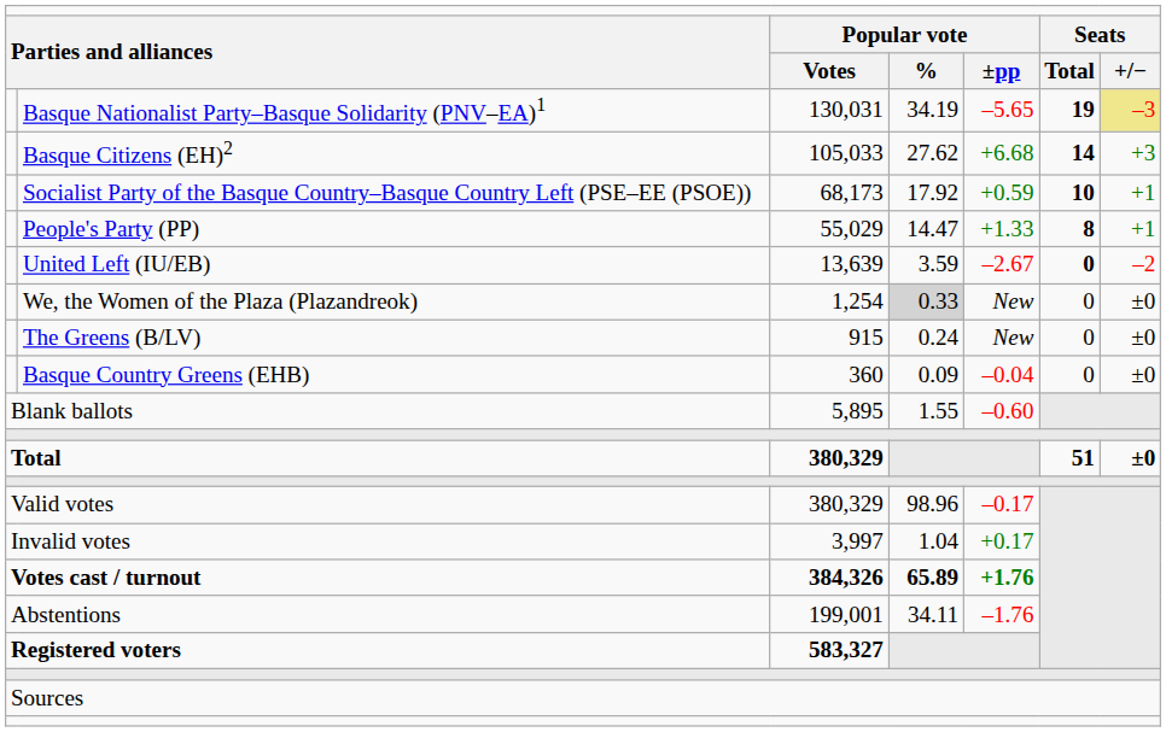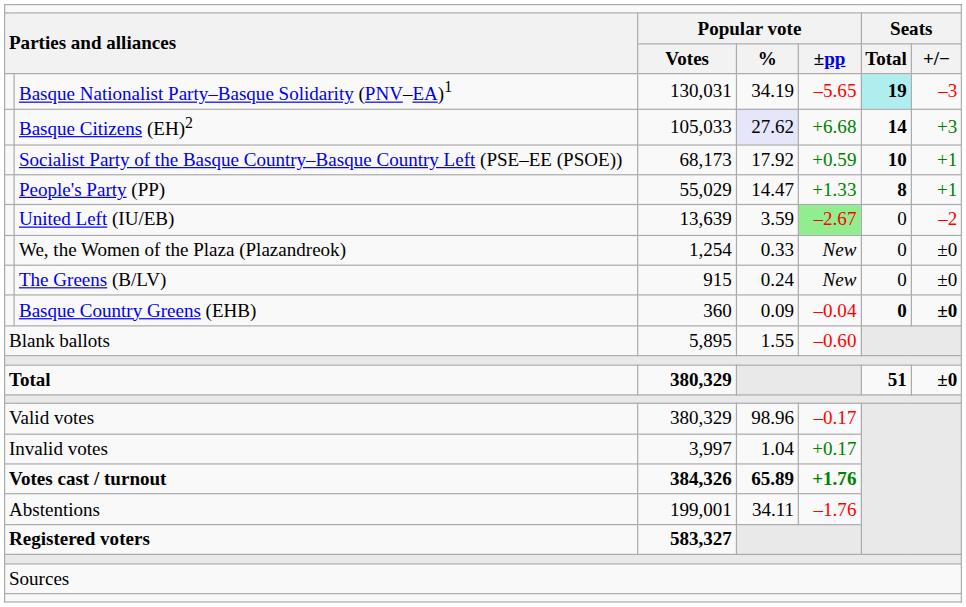 <table class="wikitable" style="text-align:right;">
 <tr>
 <td colspan="7"></td>
 </tr>
 <tr>
 <th style="text-align:left;" rowspan="2" colspan="2" width="525">Parties and alliances</th>
 <th colspan="3">Popular vote</th>
 <th colspan="2">Seats</th>
 </tr>
 <tr>
 <th width="75">Votes</th>
 <th width="45">%</th>
 <th width="45">±<a href='#'>pp</a></th>
 <th width="35">Total</th>
 <th width="35">+/−</th>
 </tr>
 <tr>
 <td width="1" style="color:inherit;background:"></td>
 <td align="left"><a href='#'>Basque Nationalist Party–Basque Solidarity</a> (<a href='#'>PNV</a>–<a href='#'>EA</a>)<sup>1</sup></td>
 <td>130,031</td>
 <td>34.19</td>
 <td style="color:red;">–5.65</td>
-<td><strong>19</strong></td>
-<td style="background: khaki; color:red;">–3</td>
+<td style="background: paleturquoise;"><strong>19</strong></td>
+<td style="color:red;">–3</td>
 </tr>
 <tr>
 <td style="color:inherit;background:"></td>
 <td align="left"><a href='#'>Basque Citizens</a> (EH)<sup>2</sup></td>
 <td>105,033</td>
-<td>27.62</td>
+<td style="background: lavender;">27.62</td>
 <td style="color:green;">+6.68</td>
 <td><strong>14</strong></td>
 <td style="color:green;">+3</td>
 </tr>
 <tr>
 <td style="color:inherit;background:"></td>
 <td align="left"><a href='#'>Socialist Party of the Basque Country–Basque Country Left</a> (PSE–EE (PSOE))</td>
 <td>68,173</td>
 <td>17.92</td>
 <td style="color:green;">+0.59</td>
 <td><strong>10</strong></td>
 <td style="color:green;">+1</td>
 </tr>
 <tr>
 <td style="color:inherit;background:"></td>
 <td align="left"><a href='#'>People's Party</a> (PP)</td>
 <td>55,029</td>
 <td>14.47</td>
 <td style="color:green;">+1.33</td>
 <td><strong>8</strong></td>
 <td style="color:green;">+1</td>
 </tr>
 <tr>
 <td style="color:inherit;background:"></td>
 <td align="left"><a href='#'>United Left</a> (IU/EB)</td>
 <td>13,639</td>
 <td>3.59</td>
-<td style="color:red;">–2.67</td>
-<td><strong>0</strong></td>
+<td style="background: lightgreen; color:red;">–2.67</td>
+<td>0</td>
 <td style="color:red;">–2</td>
 </tr>
 <tr>
 <td style="color:inherit;background:"></td>
 <td align="left">We, the Women of the Plaza (Plazandreok)</td>
 <td>1,254</td>
-<td style="background: lightgrey;">0.33</td>
+<td>0.33</td>
 <td><em>New</em></td>
 <td>0</td>
 <td>±0</td>
 </tr>
 <tr>
 <td style="color:inherit;background:"></td>
 <td align="left"><a href='#'>The Greens</a> (B/LV)</td>
 <td>915</td>
 <td>0.24</td>
 <td><em>New</em></td>
 <td>0</td>
 <td>±0</td>
 </tr>
 <tr>
 <td style="color:inherit;background:"></td>
 <td align="left"><a href='#'>Basque Country Greens</a> (EHB)</td>
 <td>360</td>
 <td>0.09</td>
 <td style="color:red;">–0.04</td>
-<td>0</td>
-<td>±0</td>
+<td><strong>0</strong></td>
+<td><strong>±0</strong></td>
 </tr>
 <tr>
 <td align="left" colspan="2">Blank ballots</td>
 <td>5,895</td>
 <td>1.55</td>
 <td style="color:red;">–0.60</td>
 <td bgcolor="#E9E9E9" colspan="2"></td>
 </tr>
 <tr>
 <td colspan="7" bgcolor="#E9E9E9"></td>
 </tr>
 <tr style="font-weight:bold;">
 <td align="left" colspan="2">Total</td>
 <td>380,329</td>
 <td bgcolor="#E9E9E9" colspan="2"></td>
 <td>51</td>
 <td>±0</td>
 </tr>
 <tr>
 <td colspan="7" bgcolor="#E9E9E9"></td>
 </tr>
 <tr>
 <td align="left" colspan="2">Valid votes</td>
 <td>380,329</td>
 <td>98.96</td>
 <td style="color:red;">–0.17</td>
 <td bgcolor="#E9E9E9" colspan="2" rowspan="5"></td>
 </tr>
 <tr>
 <td align="left" colspan="2">Invalid votes</td>
 <td>3,997</td>
 <td>1.04</td>
 <td style="color:green;">+0.17</td>
 </tr>
 <tr style="font-weight:bold;">
 <td align="left" colspan="2">Votes cast / turnout</td>
 <td>384,326</td>
 <td>65.89</td>
 <td style="color:green;">+1.76</td>
 </tr>
 <tr>
 <td align="left" colspan="2">Abstentions</td>
 <td>199,001</td>
 <td>34.11</td>
 <td style="color:red;">–1.76</td>
 </tr>
 <tr style="font-weight:bold;">
 <td align="left" colspan="2">Registered voters</td>
 <td>583,327</td>
 <td bgcolor="#E9E9E9" colspan="2"></td>
 </tr>
 <tr>
 <td colspan="7" bgcolor="#E9E9E9"></td>
 </tr>
 <tr>
 <td align="left" colspan="7">Sources</td>
 </tr>
 <tr>
 <td colspan="7" style="text-align:left; max-width:790px;"></td>
 </tr>
 </table>
